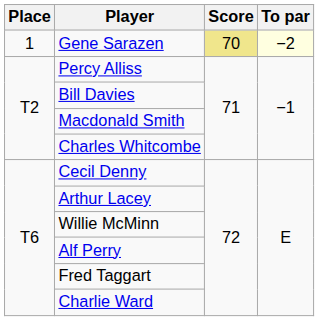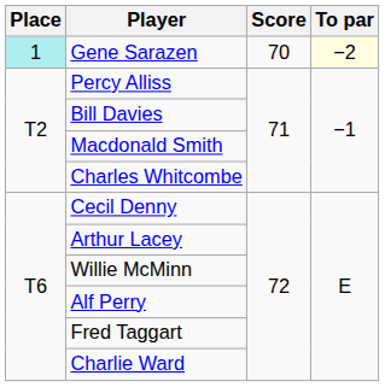 <table class=wikitable>
 <tr>
 <th>Place</th>
 <th>Player</th>
 <th>Score</th>
 <th>To par</th>
 </tr>
 <tr>
-<td align=center>1</td>
+<td align=center style="background: paleturquoise;">1</td>
 <td> <a href='#'>Gene Sarazen</a></td>
-<td align=center style="background: khaki;">70</td>
+<td align=center>70</td>
 <td align=center style="background: lightyellow;">−2</td>
 </tr>
 <tr>
 <td rowspan=4 align=center>T2</td>
 <td> <a href='#'>Percy Alliss</a></td>
 <td rowspan=4 align=center>71</td>
 <td rowspan=4 align=center>−1</td>
 </tr>
 <tr>
 <td> <a href='#'>Bill Davies</a></td>
 </tr>
 <tr>
 <td> <a href='#'>Macdonald Smith</a></td>
 </tr>
 <tr>
 <td> <a href='#'>Charles Whitcombe</a></td>
 </tr>
 <tr>
 <td rowspan=6 align=center>T6</td>
 <td> <a href='#'>Cecil Denny</a></td>
 <td rowspan=6 align=center>72</td>
 <td rowspan=6 align=center>E</td>
 </tr>
 <tr>
 <td> <a href='#'>Arthur Lacey</a></td>
 </tr>
 <tr>
 <td> Willie McMinn</td>
 </tr>
 <tr>
 <td> <a href='#'>Alf Perry</a></td>
 </tr>
 <tr>
 <td> Fred Taggart</td>
 </tr>
 <tr>
 <td> <a href='#'>Charlie Ward</a></td>
 </tr>
 </table>
